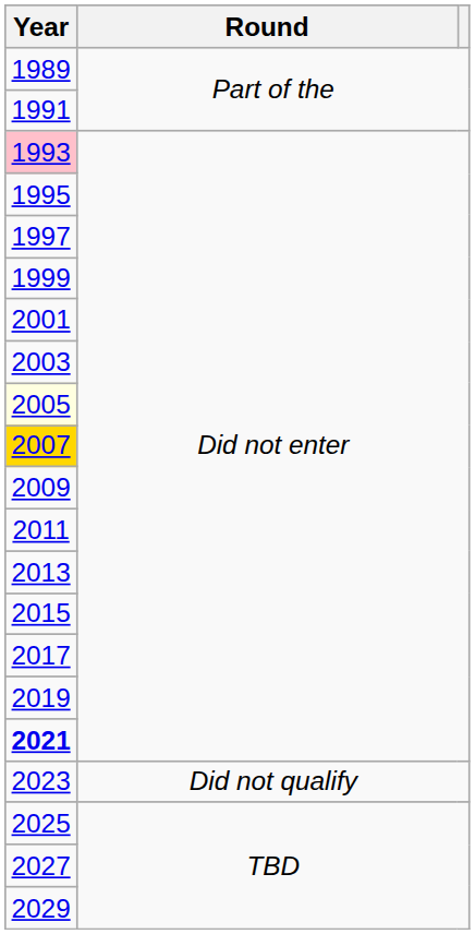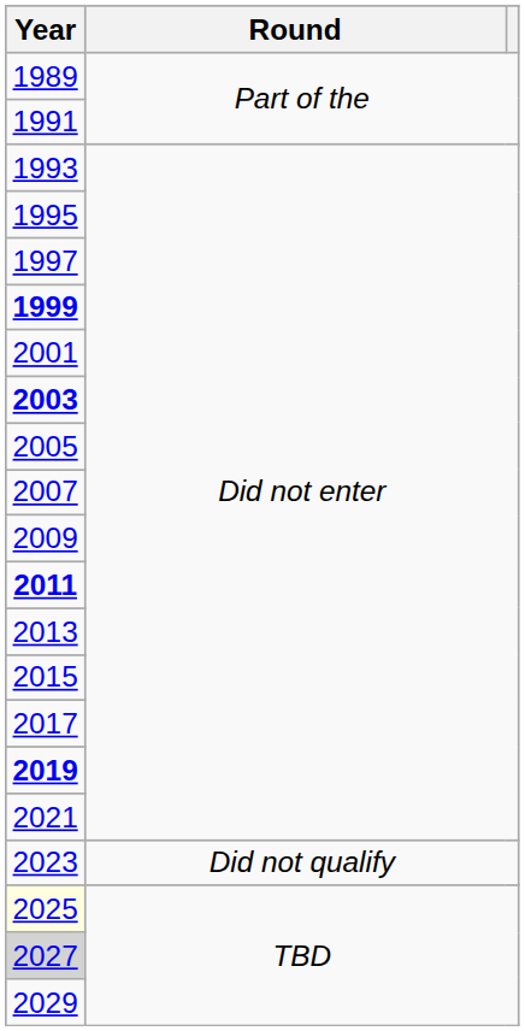 <table class="wikitable" style="text-align: center; font-size:90%">
 <tr>
 <th>Year</th>
 <th style="width:200px">Round</th>
 <th></th>
 </tr>
 <tr>
 <td><a href='#'>1989</a></td>
 <td colspan="2" rowspan="2"><em>Part of the </em></td>
 </tr>
 <tr>
 <td><a href='#'>1991</a></td>
 </tr>
 <tr>
-<td style="background: pink;"><a href='#'>1993</a></td>
+<td><a href='#'>1993</a></td>
 <td colspan="2" rowspan="15"><em>Did not enter</em></td>
 </tr>
 <tr>
 <td><a href='#'>1995</a></td>
 </tr>
 <tr>
 <td><a href='#'>1997</a></td>
 </tr>
 <tr>
-<td><a href='#'>1999</a></td>
+<td><strong><a href='#'>1999</a></strong></td>
 </tr>
 <tr>
 <td><a href='#'>2001</a></td>
 </tr>
 <tr>
-<td><a href='#'>2003</a></td>
+<td><strong><a href='#'>2003</a></strong></td>
 </tr>
 <tr>
-<td style="background: lightyellow;"><a href='#'>2005</a></td>
+<td><a href='#'>2005</a></td>
 </tr>
 <tr>
-<td style="background: gold;"><a href='#'>2007</a></td>
+<td><a href='#'>2007</a></td>
 </tr>
 <tr>
 <td><a href='#'>2009</a></td>
 </tr>
 <tr>
-<td><a href='#'>2011</a></td>
+<td><strong><a href='#'>2011</a></strong></td>
 </tr>
 <tr>
 <td><a href='#'>2013</a></td>
 </tr>
 <tr>
 <td><a href='#'>2015</a></td>
 </tr>
 <tr>
 <td><a href='#'>2017</a></td>
 </tr>
 <tr>
-<td><a href='#'>2019</a></td>
+<td><strong><a href='#'>2019</a></strong></td>
 </tr>
 <tr>
-<td><strong><a href='#'>2021</a></strong></td>
+<td><a href='#'>2021</a></td>
 </tr>
 <tr>
 <td><a href='#'>2023</a></td>
 <td colspan="2"><em>Did not qualify</em></td>
 </tr>
 <tr>
-<td><a href='#'>2025</a></td>
+<td style="background: lightyellow;"><a href='#'>2025</a></td>
 <td colspan="2" rowspan="3"><em>TBD</em></td>
 </tr>
 <tr>
-<td><a href='#'>2027</a></td>
+<td style="background: lightgrey;"><a href='#'>2027</a></td>
 </tr>
 <tr>
 <td><a href='#'>2029</a></td>
 </tr>
 </table>
